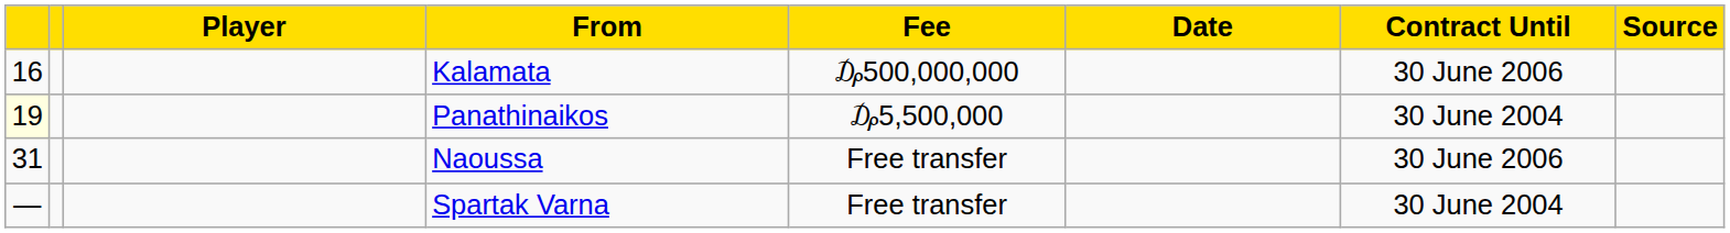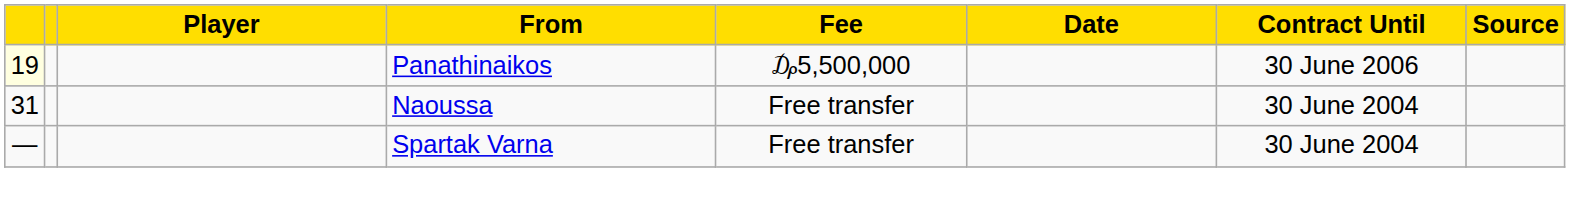 <table class="wikitable sortable">
 <tr>
 <th style="background:#FFDE00"></th>
 <th style="background:#FFDE00"></th>
 <th width=200 style="background:#FFDE00">Player</th>
 <th width=200 style="background:#FFDE00">From</th>
 <th width=150 style="background:#FFDE00">Fee</th>
 <th width=150 style="background:#FFDE00">Date</th>
 <th width=150 style="background:#FFDE00">Contract Until</th>
 <th style="background:#FFDE00">Source</th>
 </tr>
 <tr>
-<td align=center>16</td>
-<td align=center></td>
-<td></td>
-<td> <a href='#'>Kalamata</a></td>
-<td align=center>₯500,000,000</td>
-<td align=center></td>
-<td align=center>30 June 2006</td>
-<td align=center></td>
-</tr>
-<tr>
 <td align=center style="background: lightyellow;">19</td>
 <td align=center></td>
 <td></td>
 <td> <a href='#'>Panathinaikos</a></td>
 <td align=center>₯5,500,000</td>
 <td align=center></td>
-<td align=center>30 June 2004</td>
+<td align=center>30 June 2006</td>
 <td align=center></td>
 </tr>
 <tr>
 <td align=center>31</td>
 <td align=center></td>
 <td></td>
 <td> <a href='#'>Naoussa</a></td>
 <td align=center>Free transfer</td>
 <td align=center></td>
-<td align=center>30 June 2006</td>
+<td align=center>30 June 2004</td>
 <td align=center></td>
 </tr>
 <tr>
 <td align=center>—</td>
 <td align=center></td>
 <td></td>
 <td> <a href='#'>Spartak Varna</a></td>
 <td align=center>Free transfer</td>
 <td align=center></td>
 <td align=center>30 June 2004</td>
 <td align=center></td>
 </tr>
 </table>
